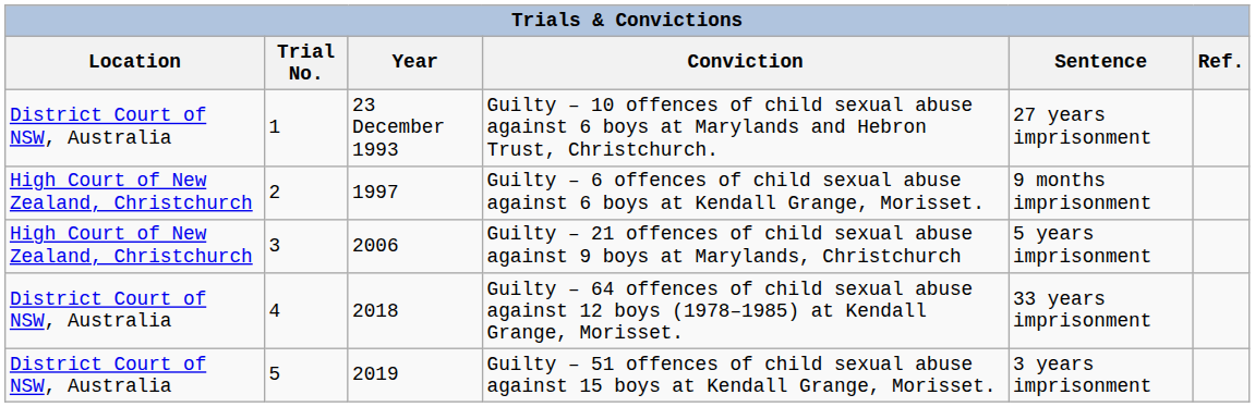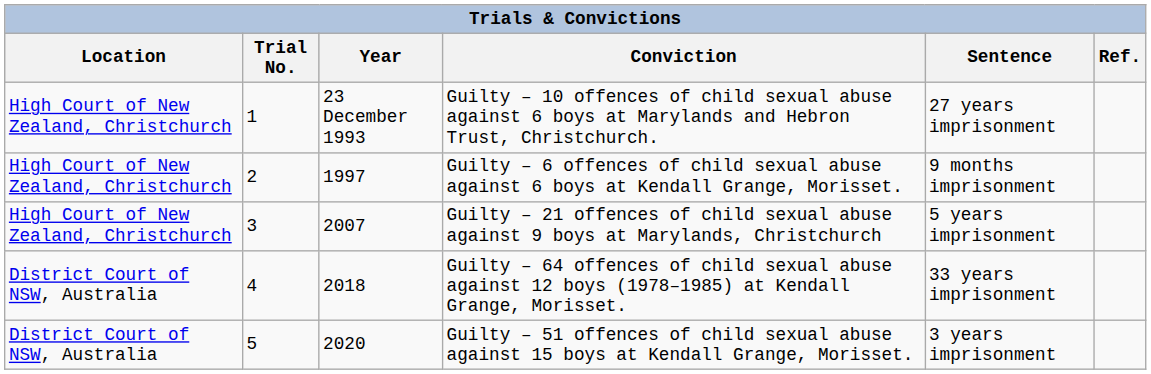 <table class="wikitable" style="width:95%;">
 <tr style="background:#ccc; text-align:center;">
 <th colspan="6" style="background: LightSteelBlue;">Trials & Convictions</th>
 </tr>
 <tr style="background:#ccc; text-align:center;">
 <th>Location</th>
 <th>Trial No.</th>
 <th>Year</th>
 <th>Conviction</th>
 <th>Sentence</th>
 <th>Ref.</th>
 </tr>
 <tr>
-<td><a href='#'>District Court of NSW</a>, Australia</td>
+<td><a href='#'>High Court of New Zealand, Christchurch</a></td>
 <td>1</td>
 <td>23 December 1993</td>
 <td>Guilty – 10 offences of child sexual abuse against 6 boys at Marylands and Hebron Trust, Christchurch.</td>
 <td>27 years imprisonment</td>
 <td></td>
 </tr>
 <tr>
 <td><a href='#'>High Court of New Zealand, Christchurch</a></td>
 <td>2</td>
 <td>1997</td>
 <td>Guilty – 6 offences of child sexual abuse against 6 boys at Kendall Grange, Morisset.</td>
 <td>9 months imprisonment</td>
 <td></td>
 </tr>
 <tr>
 <td><a href='#'>High Court of New Zealand, Christchurch</a></td>
 <td>3</td>
-<td>2006</td>
+<td>2007</td>
 <td>Guilty – 21 offences of child sexual abuse against 9 boys at Marylands, Christchurch</td>
 <td>5 years imprisonment</td>
 <td></td>
 </tr>
 <tr>
 <td><a href='#'>District Court of NSW</a>, Australia</td>
 <td>4</td>
 <td>2018</td>
 <td>Guilty – 64 offences of child sexual abuse against 12 boys (1978–1985) at Kendall Grange, Morisset.</td>
 <td>33 years imprisonment</td>
 <td></td>
 </tr>
 <tr>
 <td><a href='#'>District Court of NSW</a>, Australia</td>
 <td>5</td>
-<td>2019</td>
+<td>2020</td>
 <td>Guilty – 51 offences of child sexual abuse against 15 boys at Kendall Grange, Morisset.</td>
 <td>3 years imprisonment</td>
 <td></td>
 </tr>
 </table>
